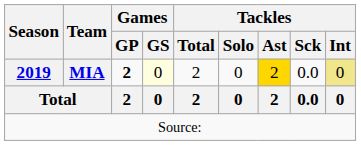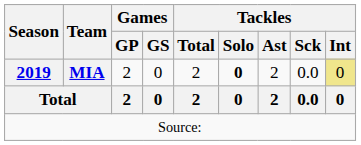 <table class=wikitable style="text-align:center;">
 <tr>
 <th rowspan=2>Season</th>
 <th rowspan=2>Team</th>
 <th colspan=2>Games</th>
 <th colspan=5>Tackles</th>
 </tr>
 <tr>
 <th>GP</th>
 <th>GS</th>
 <th>Total</th>
 <th>Solo</th>
 <th>Ast</th>
 <th>Sck</th>
 <th>Int</th>
 </tr>
 <tr>
 <th><a href='#'>2019</a></th>
 <th><a href='#'>MIA</a></th>
-<td><strong>2</strong></td>
-<td style="background: lightyellow;">0</td>
 <td>2</td>
 <td>0</td>
-<td style="background: gold;">2</td>
+<td>2</td>
+<td><strong>0</strong></td>
+<td>2</td>
 <td>0.0</td>
 <td style="background: khaki;">0</td>
 </tr>
 <tr>
 <th colspan=2>Total</th>
 <th>2</th>
 <th>0</th>
 <th>2</th>
 <th>0</th>
 <th>2</th>
 <th>0.0</th>
 <th>0</th>
 </tr>
 <tr>
 <td colspan="9"><small>Source: </small></td>
 </tr>
 </table>
